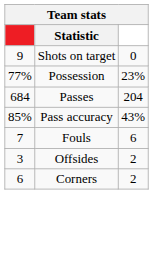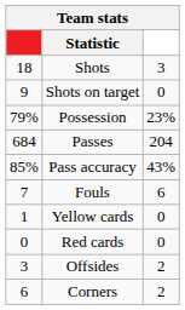 <table class="wikitable" style="margin-left: auto; margin-right: auto; border: none; text-align:center;">
 <tr>
 <th colspan=3>Team stats</th>
 </tr>
 <tr>
 <th style="background: #ee1d24; color: #ffff00;"> <a href='#'></a></th>
 <th>Statistic</th>
 <th style="background: #FFFFFF; color: #0029CC;"> <a href='#'></a></th>
 </tr>
 <tr>
+<td>18</td>
+<td>Shots</td>
+<td>3</td>
+</tr>
+<tr>
 <td>9</td>
 <td>Shots on target</td>
 <td>0</td>
 </tr>
 <tr>
-<td>77%</td>
+<td>79%</td>
 <td>Possession</td>
 <td>23%</td>
 </tr>
 <tr>
 <td>684</td>
 <td>Passes</td>
 <td>204</td>
 </tr>
 <tr>
 <td>85%</td>
 <td>Pass accuracy</td>
 <td>43%</td>
 </tr>
 <tr>
 <td>7</td>
 <td>Fouls</td>
 <td>6</td>
 </tr>
 <tr>
+<td>1</td>
+<td>Yellow cards</td>
+<td>0</td>
+</tr>
+<tr>
+<td>0</td>
+<td>Red cards</td>
+<td>0</td>
+</tr>
+<tr>
 <td>3</td>
 <td>Offsides</td>
 <td>2</td>
 </tr>
 <tr>
 <td>6</td>
 <td>Corners</td>
 <td>2</td>
 </tr>
 </table>
